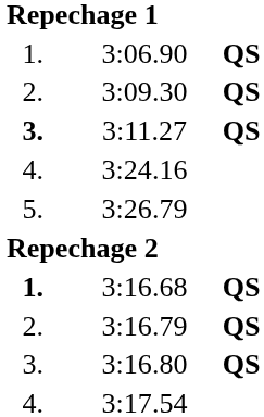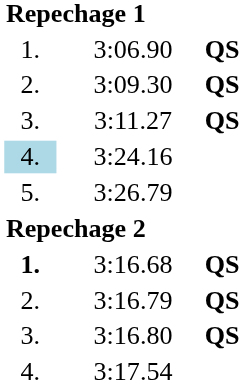 <table style="text-align:center">
 <tr>
 <td colspan=4 align=left><strong>Repechage 1</strong></td>
 </tr>
 <tr>
 <td width=30>1.</td>
 <td align=left></td>
 <td width=80>3:06.90</td>
 <td><strong>QS</strong></td>
 </tr>
 <tr>
 <td>2.</td>
 <td align=left></td>
 <td>3:09.30</td>
 <td><strong>QS</strong></td>
 </tr>
 <tr>
-<td><strong>3.</strong></td>
+<td>3.</td>
 <td align=left></td>
 <td>3:11.27</td>
 <td><strong>QS</strong></td>
 </tr>
 <tr>
-<td>4.</td>
+<td style="background: lightblue;">4.</td>
 <td align=left></td>
 <td>3:24.16</td>
 <td></td>
 </tr>
 <tr>
 <td>5.</td>
 <td align=left></td>
 <td>3:26.79</td>
 <td></td>
 </tr>
 <tr>
 <td colspan=4 align=left><strong>Repechage 2</strong></td>
 </tr>
 <tr>
 <td><strong>1.</strong></td>
 <td align=left></td>
 <td>3:16.68</td>
 <td><strong>QS</strong></td>
 </tr>
 <tr>
 <td>2.</td>
 <td align=left></td>
 <td>3:16.79</td>
 <td><strong>QS</strong></td>
 </tr>
 <tr>
 <td>3.</td>
 <td align=left></td>
 <td>3:16.80</td>
 <td><strong>QS</strong></td>
 </tr>
 <tr>
 <td>4.</td>
 <td align=left></td>
 <td>3:17.54</td>
 <td></td>
 </tr>
 </table>
